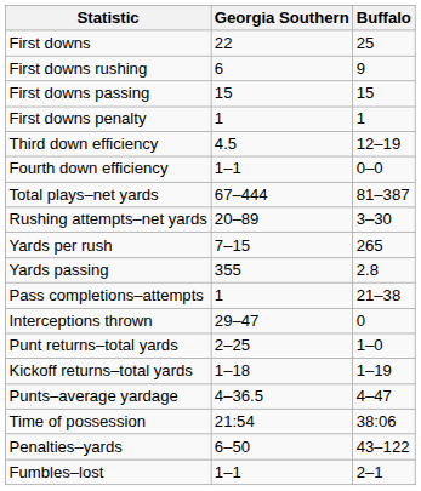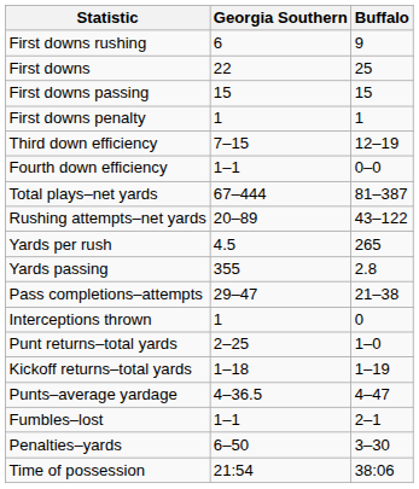 <table class="wikitable">
 <tr>
 <th>Statistic</th>
 <th><strong>Georgia Southern</strong></th>
 <th><strong>Buffalo</strong></th>
 </tr>
 <tr>
+<td>First downs rushing</td>
+<td>6</td>
+<td>9</td>
+</tr>
+<tr>
 <td>First downs</td>
 <td>22</td>
 <td>25</td>
-</tr>
-<tr>
-<td>First downs rushing</td>
-<td>6</td>
-<td>9</td>
 </tr>
 <tr>
 <td>First downs passing</td>
 <td>15</td>
 <td>15</td>
 </tr>
 <tr>
 <td>First downs penalty</td>
 <td>1</td>
 <td>1</td>
 </tr>
 <tr>
 <td>Third down efficiency</td>
-<td>4.5</td>
+<td>7–15</td>
 <td>12–19</td>
 </tr>
 <tr>
 <td>Fourth down efficiency</td>
 <td>1–1</td>
 <td>0–0</td>
 </tr>
 <tr>
 <td>Total plays–net yards</td>
 <td>67–444</td>
 <td>81–387</td>
 </tr>
 <tr>
 <td>Rushing attempts–net yards</td>
 <td>20–89</td>
-<td>3–30</td>
+<td>43–122</td>
 </tr>
 <tr>
 <td>Yards per rush</td>
-<td>7–15</td>
+<td>4.5</td>
 <td>265</td>
 </tr>
 <tr>
 <td>Yards passing</td>
 <td>355</td>
 <td>2.8</td>
 </tr>
 <tr>
 <td>Pass completions–attempts</td>
-<td>1</td>
+<td>29–47</td>
 <td>21–38</td>
 </tr>
 <tr>
 <td>Interceptions thrown</td>
-<td>29–47</td>
+<td>1</td>
 <td>0</td>
 </tr>
 <tr>
 <td>Punt returns–total yards</td>
 <td>2–25</td>
 <td>1–0</td>
 </tr>
 <tr>
 <td>Kickoff returns–total yards</td>
 <td>1–18</td>
 <td>1–19</td>
 </tr>
 <tr>
 <td>Punts–average yardage</td>
 <td>4–36.5</td>
 <td>4–47</td>
 </tr>
 <tr>
+<td>Fumbles–lost</td>
+<td>1–1</td>
+<td>2–1</td>
+</tr>
+<tr>
+<td>Penalties–yards</td>
+<td>6–50</td>
+<td>3–30</td>
+</tr>
+<tr>
 <td>Time of possession</td>
 <td>21:54</td>
 <td>38:06</td>
 </tr>
-<tr>
-<td>Penalties–yards</td>
-<td>6–50</td>
-<td>43–122</td>
-</tr>
-<tr>
-<td>Fumbles–lost</td>
-<td>1–1</td>
-<td>2–1</td>
-</tr>
 </table>
